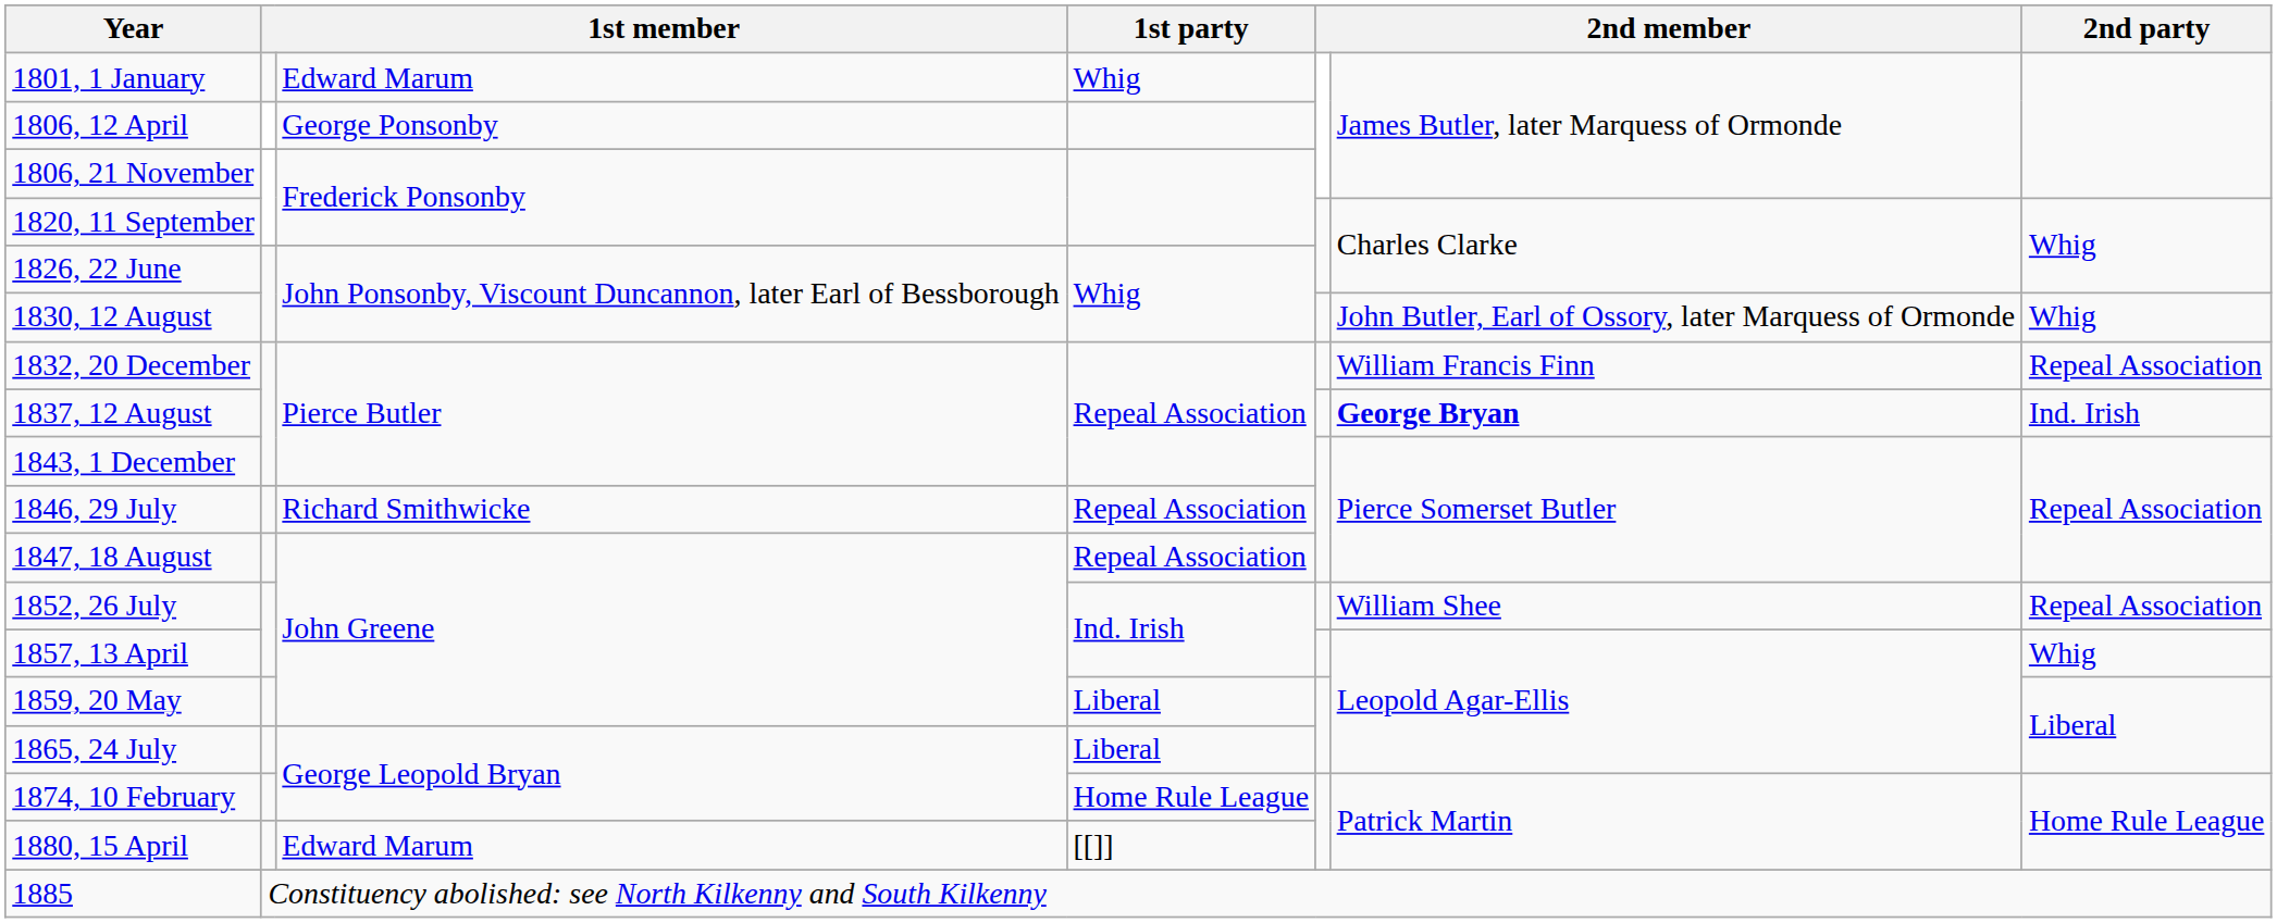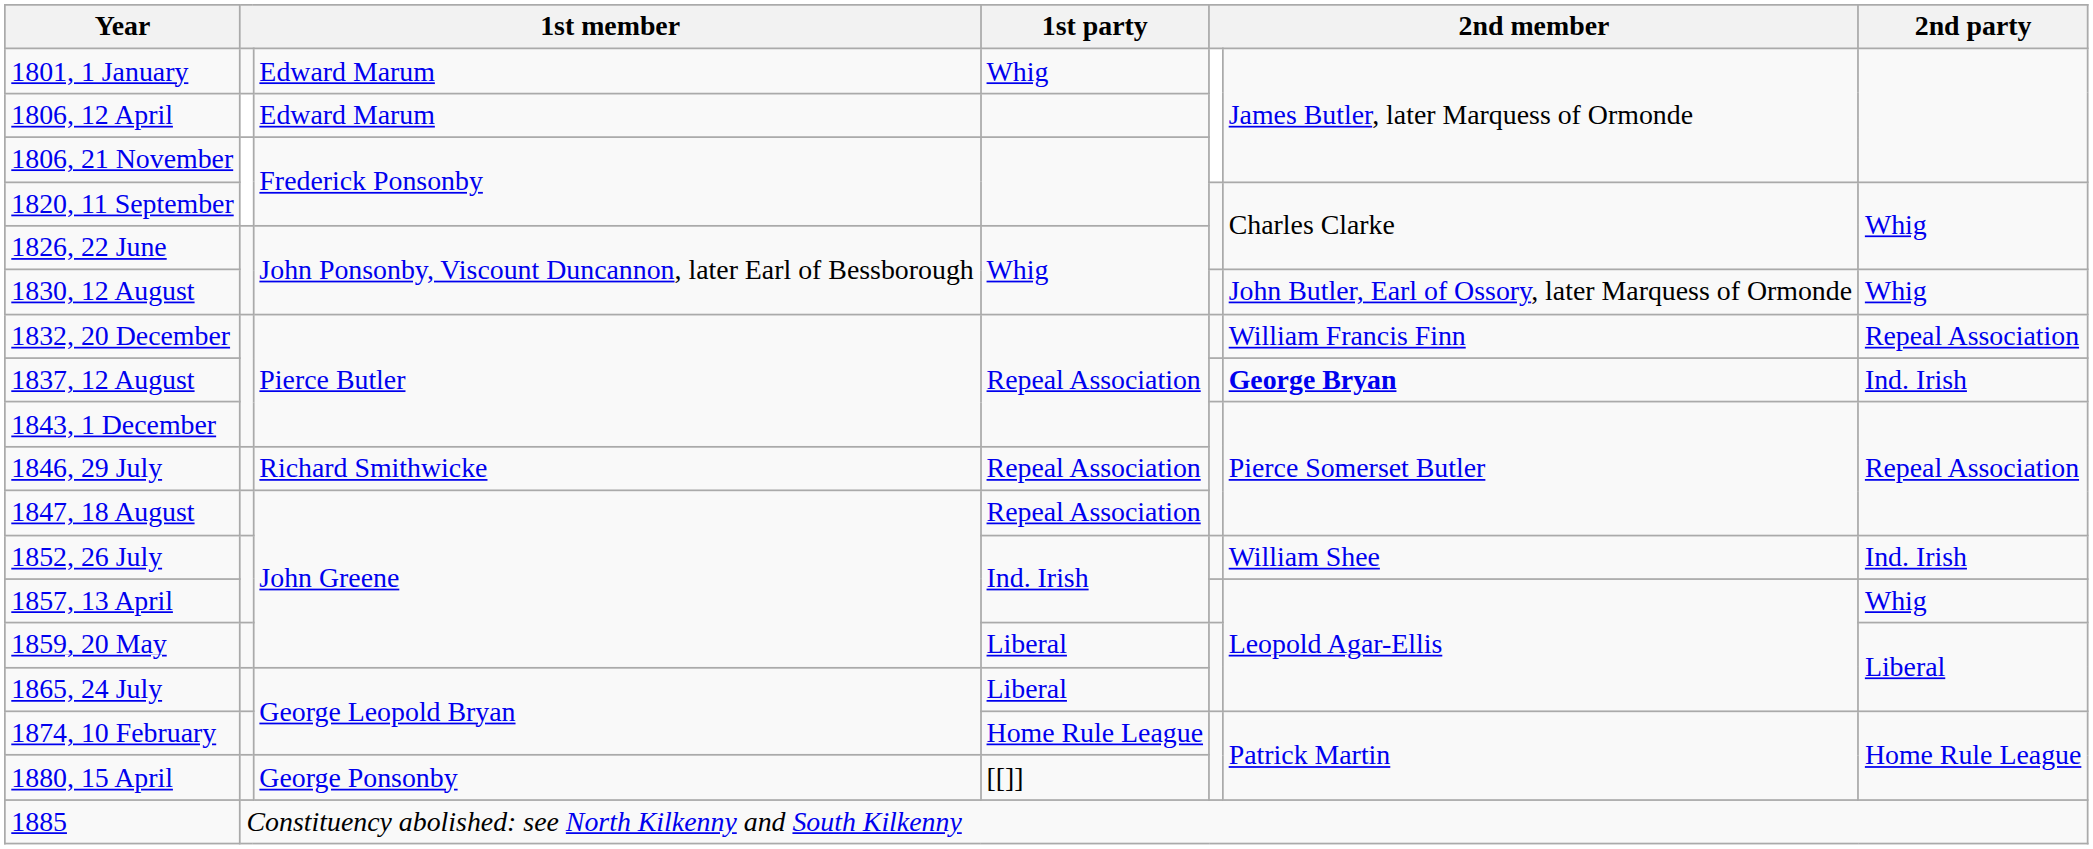 <table class="wikitable">
 <tr>
 <th>Year</th>
 <th colspan="2">1st member</th>
 <th>1st party</th>
 <th colspan="2">2nd member</th>
 <th>2nd party</th>
 </tr>
 <tr>
 <td><a href='#'>1801, 1 January</a></td>
 <td style="color:inherit;background-color: "></td>
 <td><a href='#'>Edward Marum</a>	</td>
 <td><a href='#'>Whig</a></td>
 <td rowspan="3" style="color:inherit;background-color: white"></td>
 <td rowspan="3"><a href='#'>James Butler</a>, later Marquess of Ormonde    	</td>
 <td rowspan="3"></td>
 </tr>
 <tr>
 <td><a href='#'>1806, 12 April</a></td>
 <td style="color:inherit;background-color: white"></td>
-<td><a href='#'>George Ponsonby</a>	</td>
+<td><a href='#'>Edward Marum</a>	</td>
 <td></td>
 </tr>
 <tr>
 <td><a href='#'>1806, 21 November</a></td>
 <td rowspan="2" style="color:inherit;background-color: white"></td>
 <td rowspan="2"><a href='#'>Frederick Ponsonby</a>    	</td>
 <td rowspan="2"></td>
 </tr>
 <tr>
 <td><a href='#'>1820, 11 September</a></td>
 <td rowspan="2" style="color:inherit;background-color: "></td>
 <td rowspan="2">Charles Clarke    	</td>
 <td rowspan="2"><a href='#'>Whig</a></td>
 </tr>
 <tr>
 <td><a href='#'>1826, 22 June</a></td>
 <td rowspan="2" style="color:inherit;background-color: "></td>
 <td rowspan="2"><a href='#'>John Ponsonby, Viscount Duncannon</a>, later Earl of Bessborough  	</td>
 <td rowspan="2"><a href='#'>Whig</a></td>
 </tr>
 <tr>
 <td><a href='#'>1830, 12 August</a></td>
 <td style="color:inherit;background-color: "></td>
 <td><a href='#'>John Butler, Earl of Ossory</a>, later Marquess of Ormonde	</td>
 <td><a href='#'>Whig</a></td>
 </tr>
 <tr>
 <td><a href='#'>1832, 20 December</a></td>
 <td rowspan="3" style="color:inherit;background-color: "></td>
 <td rowspan="3"><a href='#'>Pierce Butler</a>   	</td>
 <td rowspan="3"><a href='#'>Repeal Association</a></td>
 <td style="color:inherit;background-color: "></td>
 <td><a href='#'>William Francis Finn</a></td>
 <td><a href='#'>Repeal Association</a></td>
 </tr>
 <tr>
 <td><a href='#'>1837, 12 August</a></td>
 <td style="color:inherit;background-color: "></td>
 <td><strong><a href='#'>George Bryan</a>	</strong></td>
 <td><a href='#'>Ind. Irish</a></td>
 </tr>
 <tr>
 <td><a href='#'>1843, 1 December</a></td>
 <td rowspan="3" style="color:inherit;background-color: "></td>
 <td rowspan="3"><a href='#'>Pierce Somerset Butler</a>  	</td>
 <td rowspan="3"><a href='#'>Repeal Association</a></td>
 </tr>
 <tr>
 <td><a href='#'>1846, 29 July</a></td>
 <td style="color:inherit;background-color: "></td>
 <td><a href='#'>Richard Smithwicke</a>	</td>
 <td><a href='#'>Repeal Association</a></td>
 </tr>
 <tr>
 <td><a href='#'>1847, 18 August</a></td>
 <td style="color:inherit;background-color: "></td>
 <td rowspan="4"><a href='#'>John Greene</a>    	</td>
 <td><a href='#'>Repeal Association</a></td>
 </tr>
 <tr>
 <td><a href='#'>1852, 26 July</a></td>
 <td rowspan="2" style="color:inherit;background-color: "></td>
 <td rowspan="2"><a href='#'>Ind. Irish</a></td>
 <td style="color:inherit;background-color: "></td>
 <td><a href='#'>William Shee</a>	</td>
-<td><a href='#'>Repeal Association</a></td>
+<td><a href='#'>Ind. Irish</a></td>
 </tr>
 <tr>
 <td><a href='#'>1857, 13 April</a></td>
 <td style="color:inherit;background-color: "></td>
 <td rowspan="3"><a href='#'>Leopold Agar-Ellis</a> </td>
 <td><a href='#'>Whig</a></td>
 </tr>
 <tr>
 <td><a href='#'>1859, 20 May</a></td>
 <td style="color:inherit;background-color: "></td>
 <td><a href='#'>Liberal</a></td>
 <td rowspan="2" style="color:inherit;background-color: "></td>
 <td rowspan="2"><a href='#'>Liberal</a></td>
 </tr>
 <tr>
 <td><a href='#'>1865, 24 July</a></td>
 <td style="color:inherit;background-color: "></td>
 <td rowspan="2"><a href='#'>George Leopold Bryan</a>   	</td>
 <td><a href='#'>Liberal</a></td>
 </tr>
 <tr>
 <td><a href='#'>1874, 10 February</a></td>
 <td style="color:inherit;background-color: "></td>
 <td><a href='#'>Home Rule League</a></td>
 <td rowspan="2" style="color:inherit;background-color: "></td>
 <td rowspan="2"><a href='#'>Patrick Martin</a>   	</td>
 <td rowspan="2"><a href='#'>Home Rule League</a></td>
 </tr>
 <tr>
 <td><a href='#'>1880, 15 April</a></td>
 <td style="color:inherit;background-color: "></td>
-<td><a href='#'>Edward Marum</a>	</td>
+<td><a href='#'>George Ponsonby</a>	</td>
 <td>[[]]</td>
 </tr>
 <tr>
 <td><a href='#'>1885</a></td>
 <td colspan="6"><em>Constituency abolished: see <a href='#'>North Kilkenny</a> and <a href='#'>South Kilkenny</a></em></td>
 </tr>
 </table>
